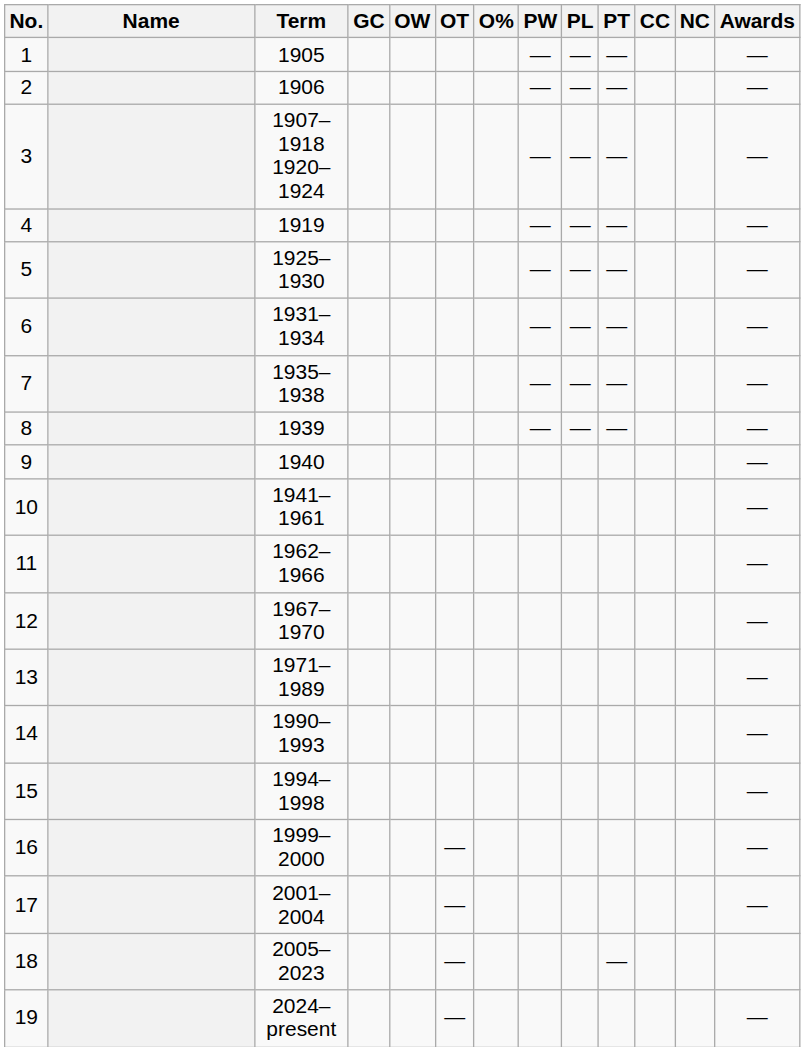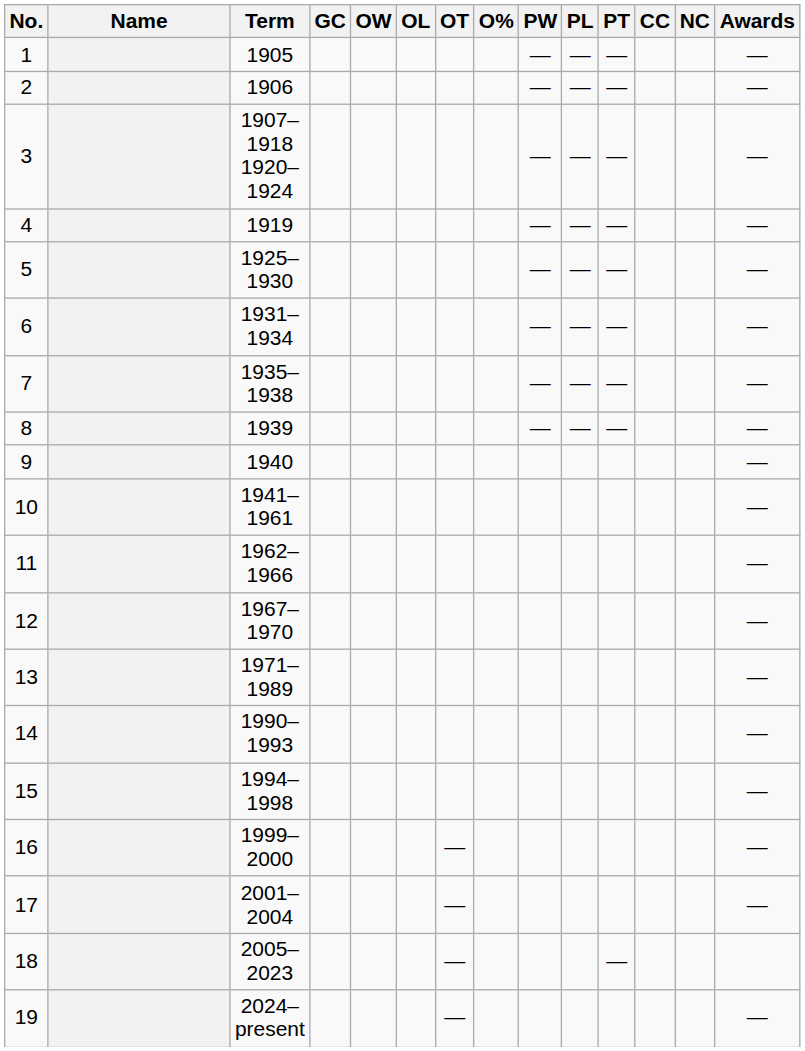 <table class="wikitable sortable" style="text-align:center">
 <tr>
 <th scope="col" class="unsortable">No.</th>
 <th width=150px>Name</th>
 <th scope="col">Term</th>
 <th scope="col">GC</th>
 <th scope="col">OW</th>
+<th scope="col">OL</th>
 <th scope="col">OT</th>
 <th scope="col">O%</th>
 <th scope="col">PW</th>
 <th scope="col">PL</th>
 <th scope="col">PT</th>
 <th scope="col">CC</th>
 <th scope="col">NC</th>
 <th scope="col" class="unsortable">Awards</th>
 </tr>
 <tr>
 <td>1</td>
 <th scope="row"></th>
 <td>1905</td>
+<td></td>
 <td></td>
 <td></td>
 <td></td>
 <td></td>
 <td>—</td>
 <td>—</td>
 <td>—</td>
 <td></td>
 <td></td>
 <td>—</td>
 </tr>
 <tr>
 <td>2</td>
 <th scope="row"></th>
 <td>1906</td>
 <td></td>
 <td></td>
 <td></td>
 <td></td>
+<td></td>
 <td>—</td>
 <td>—</td>
 <td>—</td>
 <td></td>
 <td></td>
 <td>—</td>
 </tr>
 <tr>
 <td>3</td>
 <th scope="row"></th>
 <td>1907–1918<br> 1920–1924</td>
+<td></td>
 <td></td>
 <td></td>
 <td></td>
 <td></td>
 <td>—</td>
 <td>—</td>
 <td>—</td>
 <td></td>
 <td></td>
 <td>—</td>
 </tr>
 <tr>
 <td>4</td>
 <th scope="row"></th>
 <td>1919</td>
 <td></td>
 <td></td>
 <td></td>
 <td></td>
+<td></td>
 <td>—</td>
 <td>—</td>
 <td>—</td>
 <td></td>
 <td></td>
 <td>—</td>
 </tr>
 <tr>
 <td>5</td>
 <th scope="row"></th>
 <td>1925–1930</td>
+<td></td>
 <td></td>
 <td></td>
 <td></td>
 <td></td>
 <td>—</td>
 <td>—</td>
 <td>—</td>
 <td></td>
 <td></td>
 <td>—</td>
 </tr>
 <tr>
 <td>6</td>
 <th scope="row"></th>
 <td>1931–1934</td>
 <td></td>
 <td></td>
 <td></td>
 <td></td>
+<td></td>
 <td>—</td>
 <td>—</td>
 <td>—</td>
 <td></td>
 <td></td>
 <td>—</td>
 </tr>
 <tr>
 <td>7</td>
 <th scope="row"></th>
 <td>1935–1938</td>
 <td></td>
 <td></td>
 <td></td>
 <td></td>
+<td></td>
 <td>—</td>
 <td>—</td>
 <td>—</td>
 <td></td>
 <td></td>
 <td>—</td>
 </tr>
 <tr>
 <td>8</td>
 <th scope="row"></th>
 <td>1939</td>
+<td></td>
 <td></td>
 <td></td>
 <td></td>
 <td></td>
 <td>—</td>
 <td>—</td>
 <td>—</td>
 <td></td>
 <td></td>
 <td>—</td>
 </tr>
 <tr>
 <td>9</td>
 <th scope="row"></th>
 <td>1940</td>
 <td></td>
 <td></td>
 <td></td>
 <td></td>
 <td></td>
 <td></td>
 <td></td>
 <td></td>
 <td></td>
+<td></td>
 <td>—</td>
 </tr>
 <tr>
 <td>10</td>
 <th scope="row"></th>
 <td>1941–1961</td>
+<td></td>
 <td></td>
 <td></td>
 <td></td>
 <td></td>
 <td></td>
 <td></td>
 <td></td>
 <td></td>
 <td></td>
 <td>—</td>
 </tr>
 <tr>
 <td>11</td>
 <th scope="row"></th>
 <td>1962–1966</td>
 <td></td>
 <td></td>
 <td></td>
 <td></td>
 <td></td>
 <td></td>
 <td></td>
 <td></td>
 <td></td>
+<td></td>
 <td>—</td>
 </tr>
 <tr>
 <td>12</td>
 <th scope="row"></th>
 <td>1967–1970</td>
+<td></td>
 <td></td>
 <td></td>
 <td></td>
 <td></td>
 <td></td>
 <td></td>
 <td></td>
 <td></td>
 <td></td>
 <td>—</td>
 </tr>
 <tr>
 <td>13</td>
 <th scope="row"></th>
 <td>1971–1989</td>
 <td></td>
 <td></td>
 <td></td>
 <td></td>
 <td></td>
 <td></td>
 <td></td>
 <td></td>
 <td></td>
+<td></td>
 <td>—</td>
 </tr>
 <tr>
 <td>14</td>
 <th scope="row"></th>
 <td>1990–1993</td>
+<td></td>
 <td></td>
 <td></td>
 <td></td>
 <td></td>
 <td></td>
 <td></td>
 <td></td>
 <td></td>
 <td></td>
 <td>—</td>
 </tr>
 <tr>
 <td>15</td>
 <th scope="row"></th>
 <td>1994–1998</td>
 <td></td>
 <td></td>
 <td></td>
 <td></td>
 <td></td>
 <td></td>
 <td></td>
 <td></td>
 <td></td>
+<td></td>
 <td>—</td>
 </tr>
 <tr>
 <td>16</td>
 <th scope="row"></th>
 <td>1999–2000</td>
+<td></td>
 <td></td>
 <td></td>
 <td>—</td>
 <td></td>
 <td></td>
 <td></td>
 <td></td>
 <td></td>
 <td></td>
 <td>—</td>
 </tr>
 <tr>
 <td>17</td>
 <th scope="row"></th>
 <td>2001–2004</td>
 <td></td>
 <td></td>
+<td></td>
 <td>—</td>
 <td></td>
 <td></td>
 <td></td>
 <td></td>
 <td></td>
 <td></td>
 <td>—</td>
 </tr>
 <tr>
 <td>18</td>
 <th scope="row"></th>
 <td>2005–2023</td>
+<td></td>
 <td></td>
 <td></td>
 <td>—</td>
 <td></td>
 <td></td>
 <td></td>
 <td>—</td>
 <td></td>
 <td></td>
 <td></td>
 </tr>
 <tr>
 <td>19</td>
 <th scope="row"></th>
 <td>2024–present</td>
 <td></td>
 <td></td>
+<td></td>
 <td>—</td>
 <td></td>
 <td></td>
 <td></td>
 <td></td>
 <td></td>
 <td></td>
 <td>—</td>
 </tr>
 </table>
